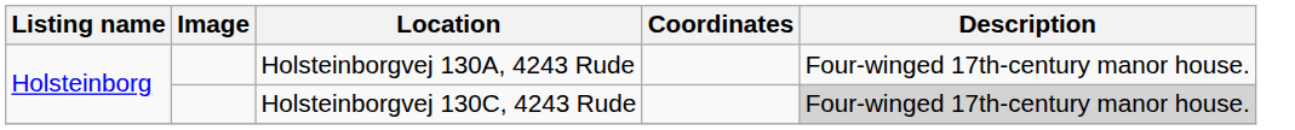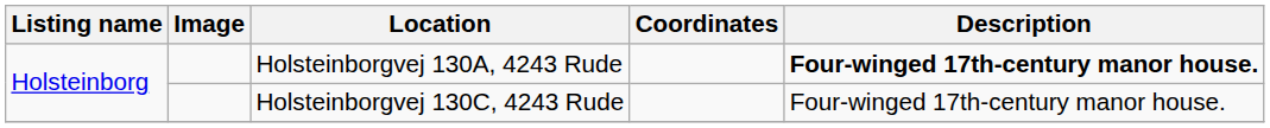 <table class="wikitable sortable">
 <tr>
 <th>Listing name</th>
 <th>Image</th>
 <th>Location</th>
 <th>Coordinates</th>
 <th>Description</th>
 </tr>
 <tr>
 <td rowspan="2"><a href='#'>Holsteinborg</a></td>
 <td></td>
 <td>Holsteinborgvej 130A, 4243 Rude</td>
 <td></td>
-<td>Four-winged 17th-century manor house.</td>
+<td><strong>Four-winged 17th-century manor house.</strong></td>
 </tr>
 <tr>
 <td></td>
 <td>Holsteinborgvej 130C, 4243 Rude</td>
 <td></td>
-<td style="background: lightgrey;">Four-winged 17th-century manor house.</td>
+<td>Four-winged 17th-century manor house.</td>
 </tr>
 <tr>
 </tr>
 </table>
